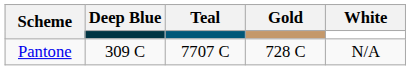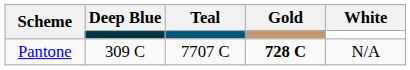 <table class="wikitable" style="margin-left: auto; margin-right: auto; text-align:center;">
 <tr>
 <th rowspan="2">Scheme</th>
 <th width="20%">Deep Blue</th>
 <th width="20%">Teal</th>
 <th width="20%">Gold</th>
 <th width="20%">White</th>
 </tr>
 <tr>
 <td style="background:#003543"></td>
 <td style="background:#005778"></td>
 <td style="background:#C4986A"></td>
 <td style="background:#ffffff"></td>
 </tr>
 <tr>
 <td><a href='#'>Pantone</a></td>
 <td>309 C</td>
 <td>7707 C</td>
-<td>728 C</td>
+<td><strong>728 C</strong></td>
 <td>N/A</td>
 </tr>
 </table>
